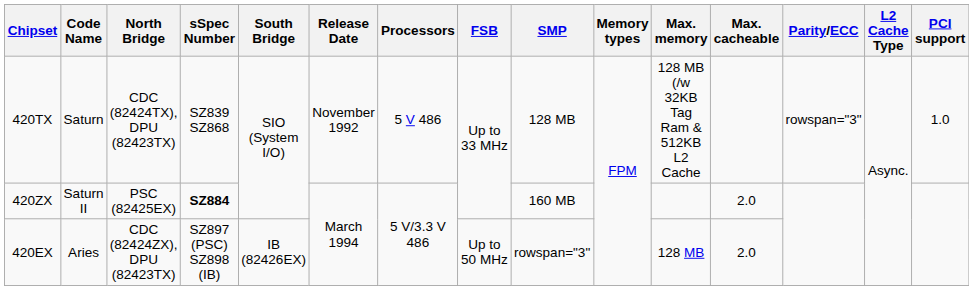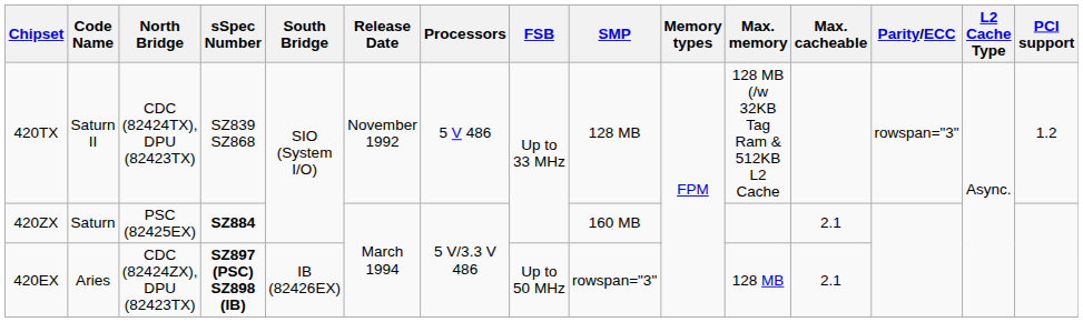 <table class="wikitable" style="font-size: 90%; text-align:center;">
 <tr>
 <th><a href='#'>Chipset</a></th>
 <th>Code Name</th>
 <th>North Bridge</th>
 <th>sSpec Number</th>
 <th>South Bridge</th>
 <th>Release Date</th>
 <th>Processors</th>
 <th><a href='#'>FSB</a></th>
 <th><a href='#'>SMP</a></th>
 <th>Memory types</th>
 <th>Max. memory</th>
 <th>Max. cacheable</th>
 <th><a href='#'>Parity</a>/<a href='#'>ECC</a></th>
 <th><a href='#'>L2 Cache</a> Type</th>
 <th><a href='#'>PCI</a> support</th>
 </tr>
 <tr>
 <td>420TX</td>
-<td>Saturn</td>
+<td>Saturn II</td>
 <td>CDC (82424TX), DPU (82423TX)</td>
 <td>SZ839<br>SZ868</td>
 <td rowspan="2">SIO (System I/O)</td>
 <td>November 1992</td>
 <td>5 <a href='#'>V</a> 486</td>
 <td rowspan="2">Up to 33 MHz</td>
 <td>128 MB</td>
 <td rowspan="3"><a href='#'>FPM</a></td>
 <td>128 MB (/w 32KB Tag Ram & 512KB L2 Cache</td>
 <td></td>
 <td>rowspan="3" </td>
 <td rowspan="3">Async.</td>
-<td>1.0</td>
+<td>1.2</td>
 </tr>
 <tr>
 <td>420ZX</td>
-<td>Saturn II</td>
+<td>Saturn</td>
 <td>PSC (82425EX)</td>
 <td><strong>SZ884</strong></td>
 <td rowspan="2">March 1994</td>
 <td rowspan="2">5 V/3.3 V 486</td>
 <td>160 MB</td>
 <td></td>
-<td>2.0</td>
+<td>2.1</td>
 </tr>
 <tr>
 <td>420EX</td>
 <td>Aries</td>
 <td>CDC (82424ZX), DPU (82423TX)</td>
-<td>SZ897 (PSC)<br>SZ898 (IB)</td>
+<td><strong>SZ897 (PSC)<br>SZ898 (IB)</strong></td>
 <td>IB (82426EX)</td>
 <td>Up to 50 MHz</td>
 <td>rowspan="3" </td>
 <td>128 <a href='#'>MB</a></td>
-<td>2.0</td>
+<td>2.1</td>
 </tr>
 </table>
